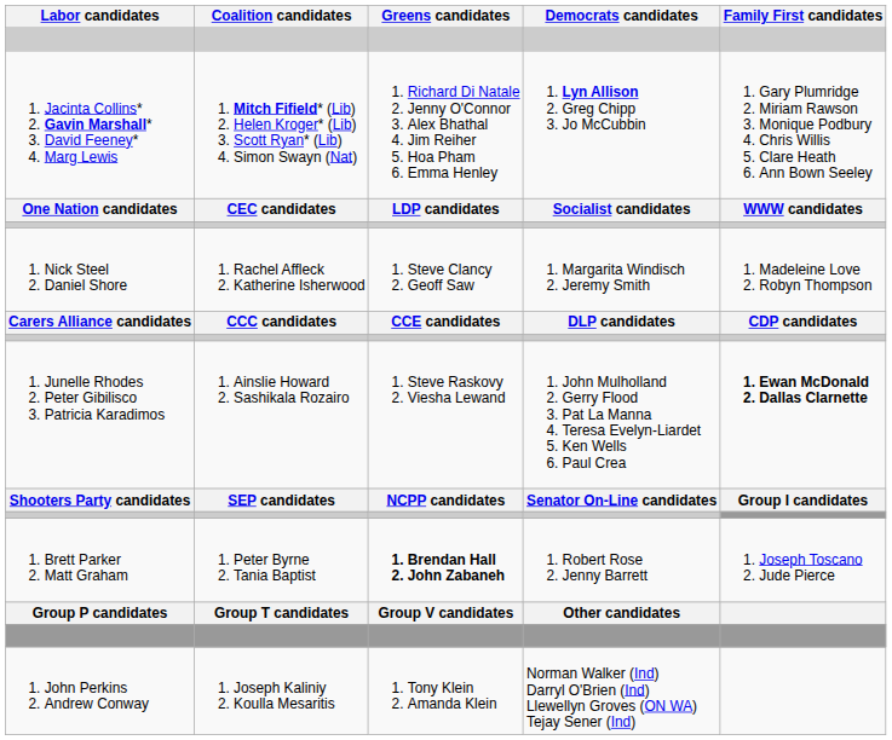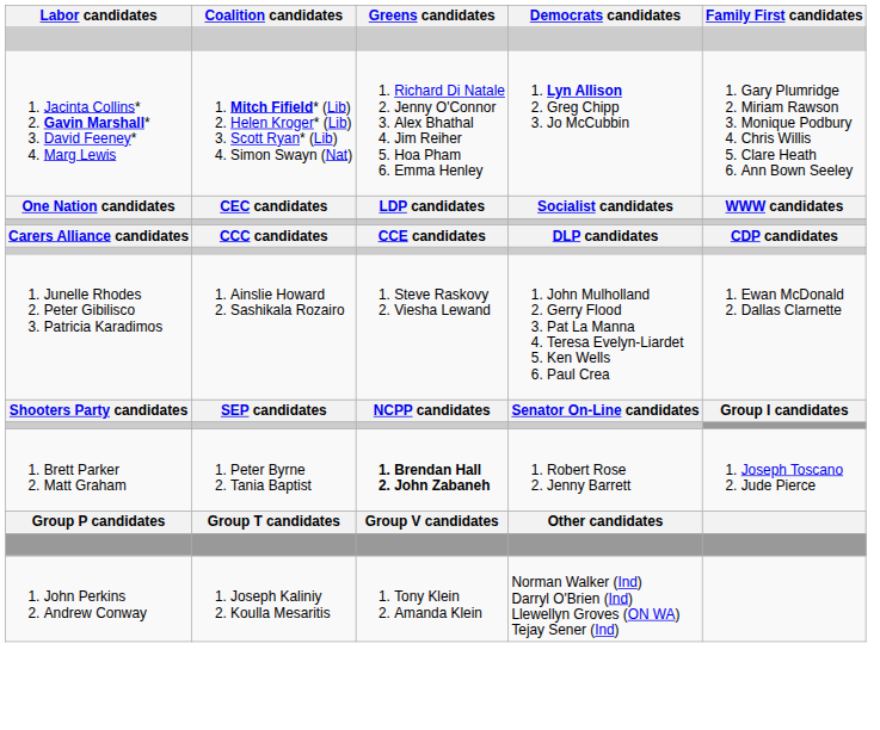 <table class="wikitable">
 <tr>
 <th><a href='#'>Labor</a> candidates</th>
 <th><a href='#'>Coalition</a> candidates</th>
 <th><a href='#'>Greens</a> candidates</th>
 <th><a href='#'>Democrats</a> candidates</th>
 <th><a href='#'>Family First</a> candidates</th>
 </tr>
 <tr style="background:#ccc;">
 <td></td>
 <td></td>
 <td></td>
 <td></td>
 <td> </td>
 </tr>
 <tr>
 <td><br><ol><li><a href='#'>Jacinta Collins</a>*</li><li><strong><a href='#'>Gavin Marshall</a></strong>*</li><li><a href='#'>David Feeney</a>*</li><li><a href='#'>Marg Lewis</a></li></ol></td>
 <td><br><ol><li><strong><a href='#'>Mitch Fifield</a></strong>* (<a href='#'>Lib</a>)</li><li><a href='#'>Helen Kroger</a>* (<a href='#'>Lib</a>)</li><li><a href='#'>Scott Ryan</a>* (<a href='#'>Lib</a>)</li><li>Simon Swayn (<a href='#'>Nat</a>)</li></ol></td>
 <td valign=top><br><ol><li><a href='#'>Richard Di Natale</a></li><li>Jenny O'Connor</li><li>Alex Bhathal</li><li>Jim Reiher</li><li>Hoa Pham</li><li>Emma Henley</li></ol></td>
 <td valign=top><br><ol><li><strong><a href='#'>Lyn Allison</a></strong></li><li>Greg Chipp</li><li>Jo McCubbin</li></ol></td>
 <td valign=top><br><ol><li>Gary Plumridge</li><li>Miriam Rawson</li><li>Monique Podbury</li><li>Chris Willis</li><li>Clare Heath</li><li>Ann Bown Seeley</li></ol></td>
 </tr>
 <tr style="background:#ccc;">
 <th><a href='#'>One Nation</a> candidates</th>
 <th><a href='#'>CEC</a> candidates</th>
 <th><a href='#'>LDP</a> candidates</th>
 <th><a href='#'>Socialist</a> candidates</th>
 <th><a href='#'>WWW</a> candidates</th>
 </tr>
 <tr style="background:#ccc;">
 <td></td>
 <td></td>
 <td></td>
 <td></td>
 <td></td>
 </tr>
-<tr>
-<td valign=top><br><ol><li>Nick Steel</li><li>Daniel Shore</li></ol></td>
-<td valign=top><br><ol><li>Rachel Affleck</li><li>Katherine Isherwood</li></ol></td>
-<td valign=top><br><ol><li>Steve Clancy</li><li>Geoff Saw</li></ol></td>
-<td valign=top><br><ol><li>Margarita Windisch</li><li>Jeremy Smith</li></ol></td>
-<td valign=top><br><ol><li>Madeleine Love</li><li>Robyn Thompson</li></ol></td>
-</tr>
 <tr style="background:#ccc;">
 <th><a href='#'>Carers Alliance</a> candidates</th>
 <th><a href='#'>CCC</a> candidates</th>
 <th><a href='#'>CCE</a> candidates</th>
 <th><a href='#'>DLP</a> candidates</th>
 <th><a href='#'>CDP</a> candidates</th>
 </tr>
 <tr style="background:#ccc;">
 <td></td>
 <td></td>
 <td></td>
 <td></td>
 <td></td>
 </tr>
 <tr>
 <td valign=top><br><ol><li>Junelle Rhodes</li><li>Peter Gibilisco</li><li>Patricia Karadimos</li></ol></td>
 <td valign=top><br><ol><li>Ainslie Howard</li><li>Sashikala Rozairo</li></ol></td>
 <td valign=top><br><ol><li>Steve Raskovy</li><li>Viesha Lewand</li></ol></td>
 <td valign=top><br><ol><li>John Mulholland</li><li>Gerry Flood</li><li>Pat La Manna</li><li>Teresa Evelyn-Liardet</li><li>Ken Wells</li><li>Paul Crea</li></ol></td>
-<td valign=top><strong><br><ol><li>Ewan McDonald</li><li>Dallas Clarnette</li></ol></strong></td>
+<td valign=top><br><ol><li>Ewan McDonald</li><li>Dallas Clarnette</li></ol></td>
 </tr>
 <tr style="background:#ccc;">
 <th><a href='#'>Shooters Party</a> candidates</th>
 <th><a href='#'>SEP</a> candidates</th>
 <th><a href='#'>NCPP</a> candidates</th>
 <th><a href='#'>Senator On-Line</a> candidates</th>
 <th>Group I candidates</th>
 </tr>
 <tr style="background:#ccc;">
 <td></td>
 <td></td>
 <td></td>
 <td></td>
 <td style="background:#999;"></td>
 </tr>
 <tr>
 <td valign=top><br><ol><li>Brett Parker</li><li>Matt Graham</li></ol></td>
 <td valign=top><br><ol><li>Peter Byrne</li><li>Tania Baptist</li></ol></td>
 <td valign=top><strong><br><ol><li>Brendan Hall</li><li>John Zabaneh</li></ol></strong></td>
 <td valign=top><br><ol><li>Robert Rose</li><li>Jenny Barrett</li></ol></td>
 <td valign=top><br><ol><li><a href='#'>Joseph Toscano</a></li><li>Jude Pierce</li></ol></td>
 </tr>
 <tr style="background:#ccc;">
 <th>Group P candidates</th>
 <th>Group T candidates</th>
 <th>Group V candidates</th>
 <th>Other candidates</th>
 <th></th>
 </tr>
 <tr style=" background:#999;">
 <td></td>
 <td style="background:#999;"></td>
 <td style="background:#999;"></td>
 <td style="background:#999;"></td>
 <td style="background:#999;"> </td>
 </tr>
 <tr>
 <td valign=top><br><ol><li>John Perkins</li><li>Andrew Conway</li></ol></td>
 <td valign=top><br><ol><li>Joseph Kaliniy</li><li>Koulla Mesaritis</li></ol></td>
 <td valign=top><br><ol><li>Tony Klein</li><li>Amanda Klein</li></ol></td>
 <td valign=top><br>Norman Walker (<a href='#'>Ind</a>)<br> Darryl O'Brien (<a href='#'>Ind</a>)<br> Llewellyn Groves (<a href='#'>ON WA</a>)<br> Tejay Sener (<a href='#'>Ind</a>)<br></td>
 </tr>
 </table>
